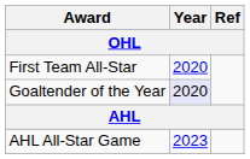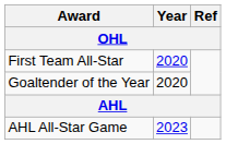 <table class="wikitable">
 <tr>
 <th>Award</th>
 <th>Year</th>
 <th>Ref</th>
 </tr>
 <tr>
 <th colspan="3"><a href='#'>OHL</a></th>
 </tr>
 <tr>
 <td>First Team All-Star</td>
 <td><a href='#'>2020</a></td>
 <td rowspan="2"></td>
 </tr>
 <tr>
 <td>Goaltender of the Year</td>
-<td style="background: lavender;">2020</td>
+<td>2020</td>
 </tr>
 <tr>
 <th colspan="3"><a href='#'>AHL</a></th>
 </tr>
 <tr>
 <td>AHL All-Star Game</td>
 <td><a href='#'>2023</a></td>
 <td></td>
 </tr>
 </table>
